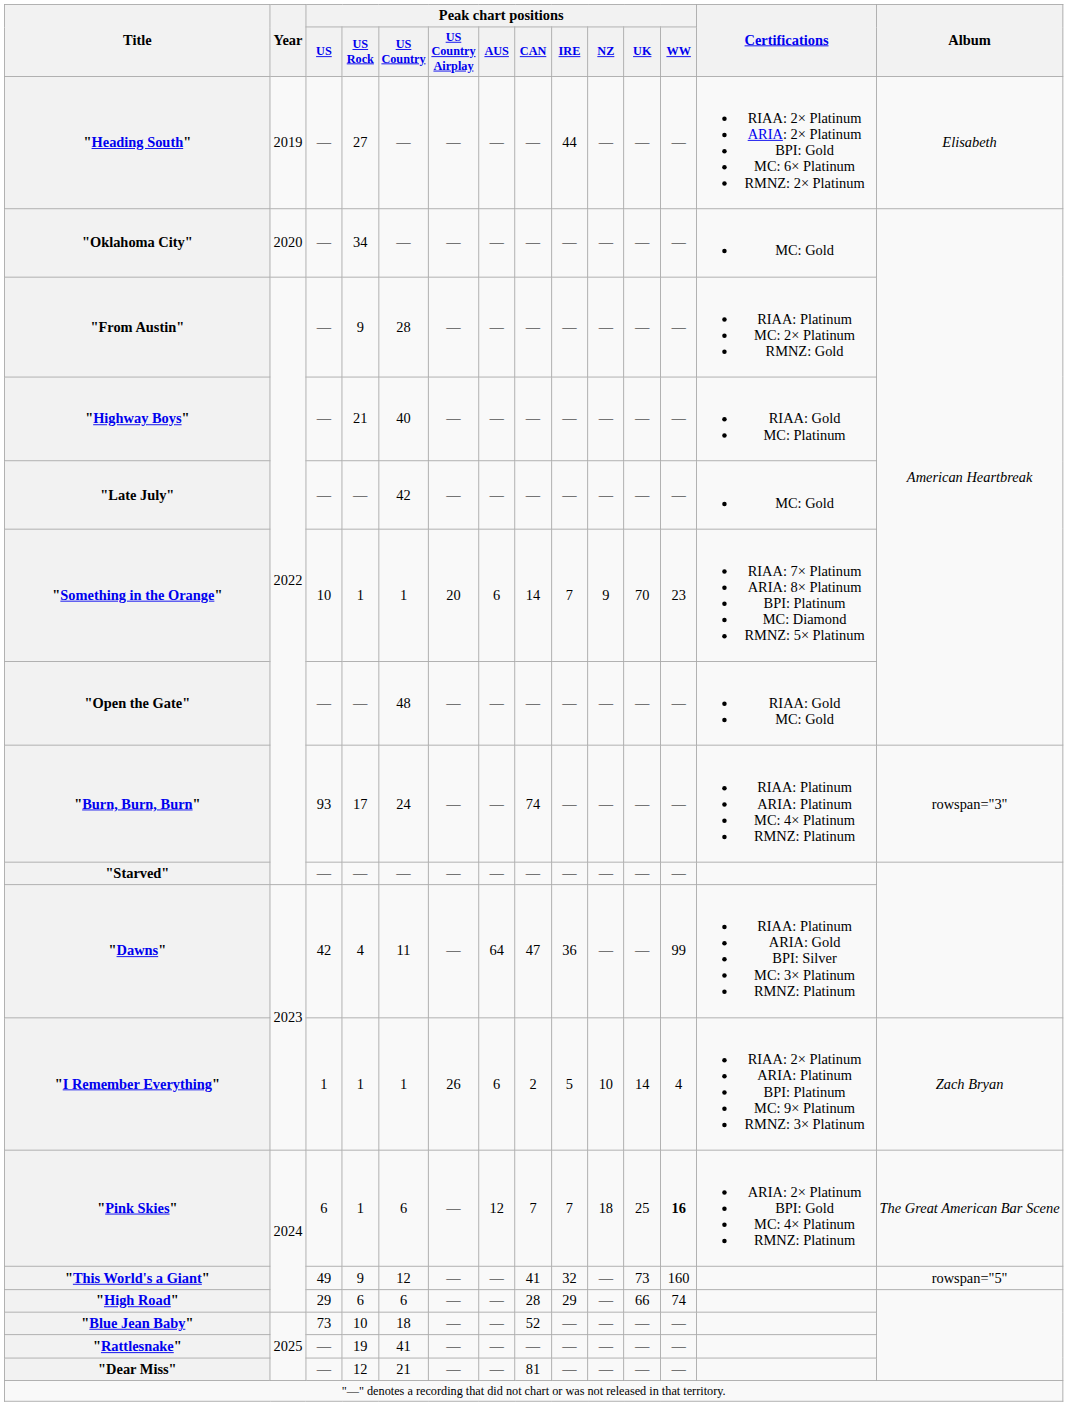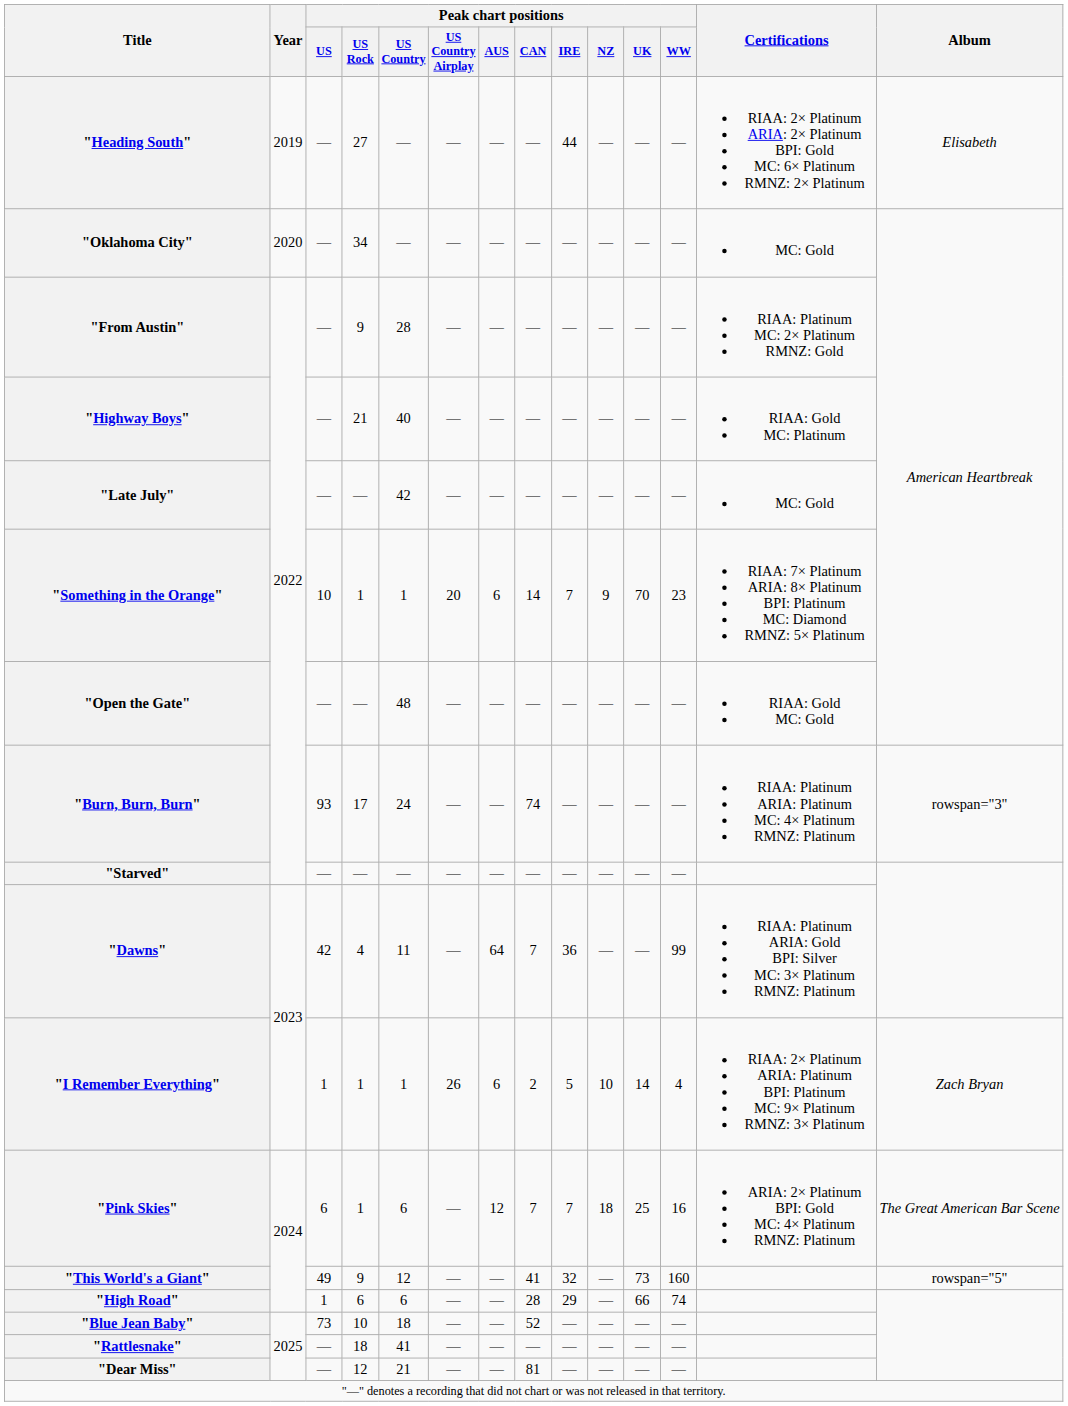 <table class="wikitable plainrowheaders" style="text-align:center;">
 <tr>
 <th scope="col" rowspan="2" style="width:18em;">Title</th>
 <th scope="col" rowspan="2">Year</th>
 <th scope="col" colspan="10">Peak chart positions</th>
 <th scope="col" rowspan="2" style="width:12em;"><a href='#'>Certifications</a></th>
 <th scope="col" rowspan="2">Album</th>
 </tr>
 <tr>
 <th scope="col" style="width:2.5em;font-size:85%;"><a href='#'>US</a><br></th>
 <th scope="col" style="width:2.5em;font-size:85%;"><a href='#'>US<br>Rock</a><br></th>
 <th scope="col" style="width:2.5em;font-size:85%;"><a href='#'>US<br>Country</a><br></th>
 <th scope="col" style="width:2.5em;font-size:85%;"><a href='#'>US<br>Country Airplay</a><br></th>
 <th scope="col" style="width:2.5em;font-size:85%;"><a href='#'>AUS</a><br></th>
 <th scope="col" style="width:2.5em;font-size:85%;"><a href='#'>CAN</a><br></th>
 <th scope="col" style="width:2.5em;font-size:85%;"><a href='#'>IRE</a><br></th>
 <th scope="col" style="width:2.5em;font-size:85%;"><a href='#'>NZ</a><br></th>
 <th scope="col" style="width:2.5em;font-size:85%;"><a href='#'>UK</a><br></th>
 <th scope="col" style="width:2.5em;font-size:85%;"><a href='#'>WW</a><br></th>
 </tr>
 <tr>
 <th scope="row">"<a href='#'>Heading South</a>" </th>
 <td>2019</td>
 <td>—</td>
 <td>27</td>
 <td>—</td>
 <td>—</td>
 <td>—</td>
 <td>—</td>
 <td>44</td>
 <td>—</td>
 <td>—</td>
 <td>—</td>
 <td><br><ul><li>RIAA: 2× Platinum</li><li><a href='#'>ARIA</a>: 2× Platinum</li><li>BPI: Gold</li><li>MC: 6× Platinum</li><li>RMNZ: 2× Platinum</li></ul></td>
 <td><em>Elisabeth</em></td>
 </tr>
 <tr>
 <th scope="row">"Oklahoma City" </th>
 <td>2020</td>
 <td>—</td>
 <td>34</td>
 <td>—</td>
 <td>—</td>
 <td>—</td>
 <td>—</td>
 <td>—</td>
 <td>—</td>
 <td>—</td>
 <td>—</td>
 <td><br><ul><li>MC: Gold</li></ul></td>
 <td rowspan="6"><em>American Heartbreak</em></td>
 </tr>
 <tr>
 <th scope="row">"From Austin" </th>
 <td rowspan="7">2022</td>
 <td>—</td>
 <td>9</td>
 <td>28</td>
 <td>—</td>
 <td>—</td>
 <td>—</td>
 <td>—</td>
 <td>—</td>
 <td>—</td>
 <td>—</td>
 <td><br><ul><li>RIAA: Platinum</li><li>MC: 2× Platinum</li><li>RMNZ: Gold</li></ul></td>
 </tr>
 <tr>
 <th scope="row">"<a href='#'>Highway Boys</a>" </th>
 <td>—</td>
 <td>21</td>
 <td>40</td>
 <td>—</td>
 <td>—</td>
 <td>—</td>
 <td>—</td>
 <td>—</td>
 <td>—</td>
 <td>—</td>
 <td><br><ul><li>RIAA: Gold</li><li>MC: Platinum</li></ul></td>
 </tr>
 <tr>
 <th scope="row">"Late July" </th>
 <td>—</td>
 <td>—</td>
 <td>42</td>
 <td>—</td>
 <td>—</td>
 <td>—</td>
 <td>—</td>
 <td>—</td>
 <td>—</td>
 <td>—</td>
 <td><br><ul><li>MC: Gold</li></ul></td>
 </tr>
 <tr>
 <th scope="row">"<a href='#'>Something in the Orange</a>" </th>
 <td>10</td>
 <td>1</td>
 <td>1</td>
 <td>20</td>
 <td>6</td>
 <td>14</td>
 <td>7</td>
 <td>9</td>
 <td>70</td>
 <td>23</td>
 <td><br><ul><li>RIAA: 7× Platinum</li><li>ARIA: 8× Platinum</li><li>BPI: Platinum</li><li>MC: Diamond</li><li>RMNZ: 5× Platinum</li></ul></td>
 </tr>
 <tr>
 <th scope="row">"Open the Gate" </th>
 <td>—</td>
 <td>—</td>
 <td>48</td>
 <td>—</td>
 <td>—</td>
 <td>—</td>
 <td>—</td>
 <td>—</td>
 <td>—</td>
 <td>—</td>
 <td><br><ul><li>RIAA: Gold</li><li>MC: Gold</li></ul></td>
 </tr>
 <tr>
 <th scope="row">"<a href='#'>Burn, Burn, Burn</a>" </th>
 <td>93</td>
 <td>17</td>
 <td>24</td>
 <td>—</td>
 <td>—</td>
 <td>74</td>
 <td>—</td>
 <td>—</td>
 <td>—</td>
 <td>—</td>
 <td><br><ul><li>RIAA: Platinum</li><li>ARIA: Platinum</li><li>MC: 4× Platinum</li><li>RMNZ: Platinum</li></ul></td>
 <td>rowspan="3" </td>
 </tr>
 <tr>
 <th scope="row">"Starved" </th>
 <td>—</td>
 <td>—</td>
 <td>—</td>
 <td>—</td>
 <td>—</td>
 <td>—</td>
 <td>—</td>
 <td>—</td>
 <td>—</td>
 <td>—</td>
 <td></td>
 </tr>
 <tr>
 <th scope="row">"<a href='#'>Dawns</a>"<br> </th>
 <td rowspan="2">2023</td>
 <td>42</td>
 <td>4</td>
 <td>11</td>
 <td>—</td>
 <td>64</td>
-<td>47</td>
+<td>7</td>
 <td>36</td>
 <td>—</td>
 <td>—</td>
 <td>99</td>
 <td><br><ul><li>RIAA: Platinum</li><li>ARIA: Gold</li><li>BPI: Silver</li><li>MC: 3× Platinum</li><li>RMNZ: Platinum</li></ul></td>
 </tr>
 <tr>
 <th scope="row">"<a href='#'>I Remember Everything</a>"<br> </th>
 <td>1</td>
 <td>1</td>
 <td>1</td>
 <td>26</td>
 <td>6</td>
 <td>2</td>
 <td>5</td>
 <td>10</td>
 <td>14</td>
 <td>4</td>
 <td><br><ul><li>RIAA: 2× Platinum</li><li>ARIA: Platinum</li><li>BPI: Platinum</li><li>MC: 9× Platinum</li><li>RMNZ: 3× Platinum</li></ul></td>
 <td><em>Zach Bryan</em></td>
 </tr>
 <tr>
 <th scope="row">"<a href='#'>Pink Skies</a>" </th>
 <td rowspan="3">2024</td>
 <td>6</td>
 <td>1</td>
 <td>6</td>
 <td>—</td>
 <td>12</td>
 <td>7</td>
 <td>7<br></td>
 <td>18</td>
 <td>25</td>
-<td><strong>16</strong></td>
+<td>16</td>
 <td><br><ul><li>ARIA: 2× Platinum</li><li>BPI: Gold</li><li>MC: 4× Platinum</li><li>RMNZ: Platinum</li></ul></td>
 <td><em>The Great American Bar Scene</em></td>
 </tr>
 <tr>
 <th scope="row">"<a href='#'>This World's a Giant</a>"</th>
 <td>49</td>
 <td>9</td>
 <td>12</td>
 <td>—</td>
 <td>—</td>
 <td>41</td>
 <td>32<br></td>
 <td>—</td>
 <td>73</td>
 <td>160</td>
 <td></td>
 <td>rowspan="5" </td>
 </tr>
 <tr>
 <th scope="row">"<a href='#'>High Road</a>"</th>
-<td>29</td>
+<td>1</td>
 <td>6</td>
 <td>6</td>
 <td>—</td>
 <td>—</td>
 <td>28</td>
 <td>29<br></td>
 <td>—</td>
 <td>66</td>
 <td>74</td>
 <td></td>
 </tr>
 <tr>
 <th scope="row">"<a href='#'>Blue Jean Baby</a>"</th>
 <td rowspan="3">2025</td>
 <td>73</td>
 <td>10</td>
 <td>18</td>
 <td>—</td>
 <td>—</td>
 <td>52</td>
 <td>—</td>
 <td>—</td>
 <td>—</td>
 <td>—</td>
 <td></td>
 </tr>
 <tr>
 <th scope="row">"<a href='#'>Rattlesnake</a>"<br></th>
 <td>—</td>
-<td>19</td>
+<td>18</td>
 <td>41</td>
 <td>—</td>
 <td>—</td>
 <td>—</td>
 <td>—</td>
 <td>—</td>
 <td>—</td>
 <td>—</td>
 <td></td>
 </tr>
 <tr>
 <th scope="row">"Dear Miss"</th>
 <td>—</td>
 <td>12</td>
 <td>21</td>
 <td>—</td>
 <td>—</td>
 <td>81</td>
 <td>—</td>
 <td>—</td>
 <td>—</td>
 <td>—</td>
 <td></td>
 </tr>
 <tr>
 <td colspan="14" style="font-size:85%">"—" denotes a recording that did not chart or was not released in that territory.</td>
 </tr>
 </table>
